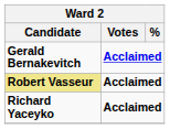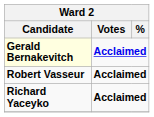 <table class="wikitable" style="width:220px">
 <tr>
 <th colspan=3>Ward 2</th>
 </tr>
 <tr>
 <th>Candidate</th>
 <th>Votes</th>
 <th>%</th>
 </tr>
 <tr>
-<td><strong>Gerald Bernakevitch</strong></td>
+<td style="background: lightyellow;"><strong>Gerald Bernakevitch</strong></td>
 <td colspan=2><strong><a href='#'>Acclaimed</a></strong></td>
 </tr>
 <tr>
-<td style="background: khaki;"><strong>Robert Vasseur</strong></td>
+<td><strong>Robert Vasseur</strong></td>
 <td colspan=2><strong>Acclaimed</strong></td>
 </tr>
 <tr>
 <td><strong>Richard Yaceyko</strong></td>
 <td colspan=2><strong>Acclaimed</strong></td>
 </tr>
 <tr>
 </tr>
 </table>
